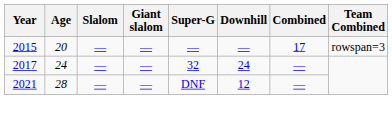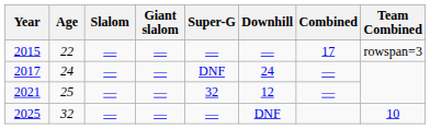 <table class=wikitable style="text-align:center">
 <tr>
 <th>  Year  </th>
 <th> Age </th>
 <th> Slalom </th>
 <th>Giant<br> slalom </th>
 <th>Super-G</th>
 <th>Downhill</th>
 <th>Combined</th>
 <th>Team<br>Combined</th>
 </tr>
 <tr>
 <td><a href='#'>2015</a></td>
-<td><em>20</em></td>
+<td><em>22</em></td>
 <td><a href='#'>—</a></td>
 <td><a href='#'>—</a></td>
 <td><a href='#'>—</a></td>
 <td><a href='#'>—</a></td>
 <td><a href='#'>17</a></td>
 <td>rowspan=3</td>
 </tr>
 <tr>
 <td><a href='#'>2017</a></td>
 <td><em>24</em></td>
 <td><a href='#'>—</a></td>
 <td><a href='#'>—</a></td>
-<td><a href='#'>32</a></td>
+<td><a href='#'>DNF</a></td>
 <td><a href='#'>24</a></td>
 <td><a href='#'>—</a></td>
 </tr>
 <tr>
 <td><a href='#'>2021</a></td>
-<td><em>28</em></td>
+<td><em>25</em></td>
+<td><a href='#'>—</a></td>
+<td><a href='#'>—</a></td>
+<td><a href='#'>32</a></td>
+<td><a href='#'>12</a></td>
+<td><a href='#'>—</a></td>
+</tr>
+<tr>
+<td><a href='#'>2025</a></td>
+<td><em>32</em></td>
+<td><a href='#'>—</a></td>
 <td><a href='#'>—</a></td>
 <td><a href='#'>—</a></td>
 <td><a href='#'>DNF</a></td>
-<td><a href='#'>12</a></td>
-<td><a href='#'>—</a></td>
+<td></td>
+<td><a href='#'>10</a></td>
 </tr>
 </table>
